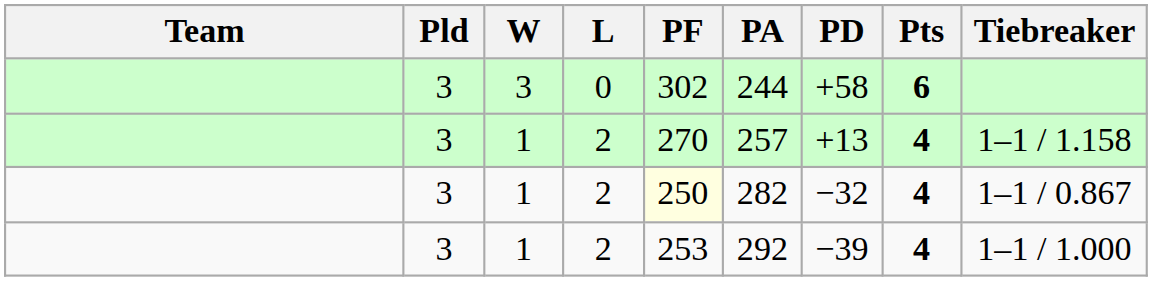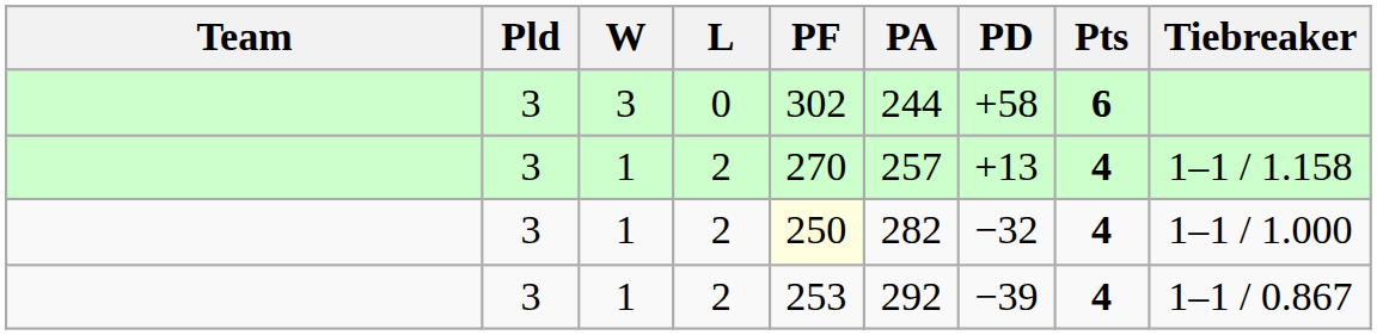 <table class="wikitable" style="text-align:center;">
 <tr>
 <th width=180>Team</th>
 <th width=30>Pld</th>
 <th width=30>W</th>
 <th width=30>L</th>
 <th width=30>PF</th>
 <th width=30>PA</th>
 <th width=30>PD</th>
 <th width=30>Pts</th>
 <th width=80>Tiebreaker</th>
 </tr>
 <tr bgcolor="#ccffcc">
 <td align="left"></td>
 <td>3</td>
 <td>3</td>
 <td>0</td>
 <td>302</td>
 <td>244</td>
 <td>+58</td>
 <td><strong>6</strong></td>
 <td></td>
 </tr>
 <tr bgcolor="#ccffcc">
 <td align="left"></td>
 <td>3</td>
 <td>1</td>
 <td>2</td>
 <td>270</td>
 <td>257</td>
 <td>+13</td>
 <td><strong>4</strong></td>
 <td>1–1 / 1.158</td>
 </tr>
 <tr>
 <td align="left"></td>
 <td>3</td>
 <td>1</td>
 <td>2</td>
 <td style="background: lightyellow;">250</td>
 <td>282</td>
 <td>−32</td>
 <td><strong>4</strong></td>
-<td>1–1 / 0.867</td>
+<td>1–1 / 1.000</td>
 </tr>
 <tr>
 <td align="left"></td>
 <td>3</td>
 <td>1</td>
 <td>2</td>
 <td>253</td>
 <td>292</td>
 <td>−39</td>
 <td><strong>4</strong></td>
-<td>1–1 / 1.000</td>
+<td>1–1 / 0.867</td>
 </tr>
 </table>
